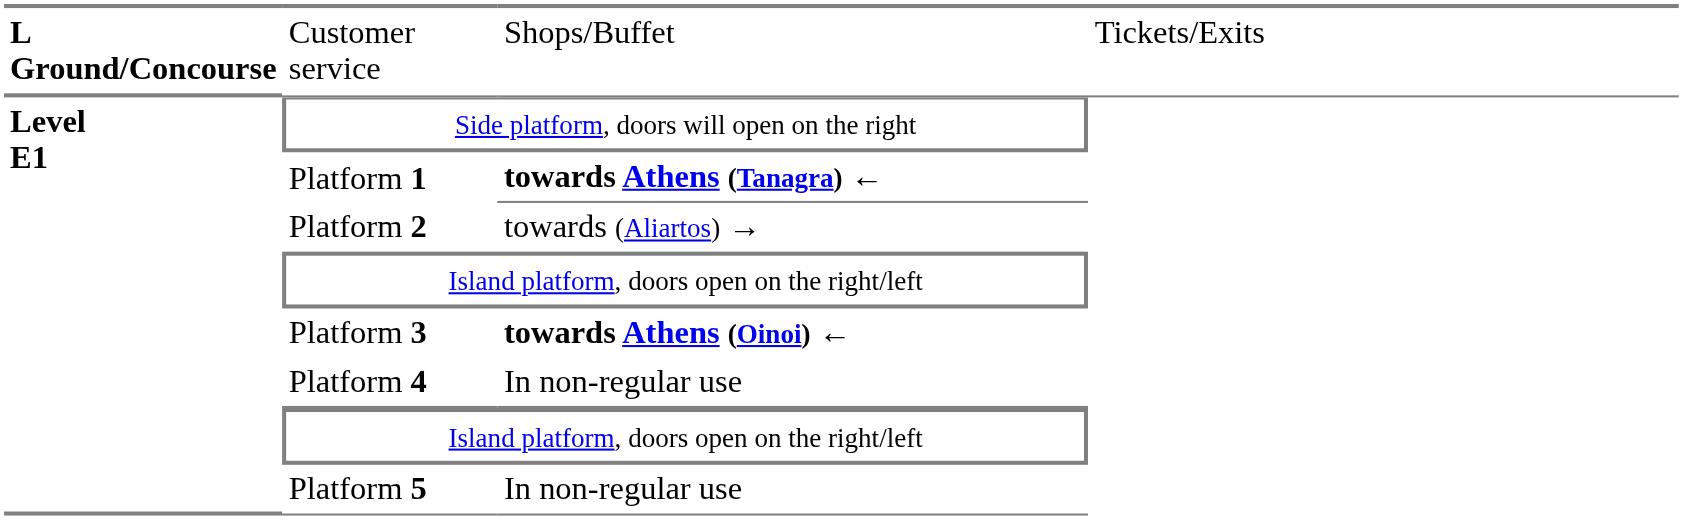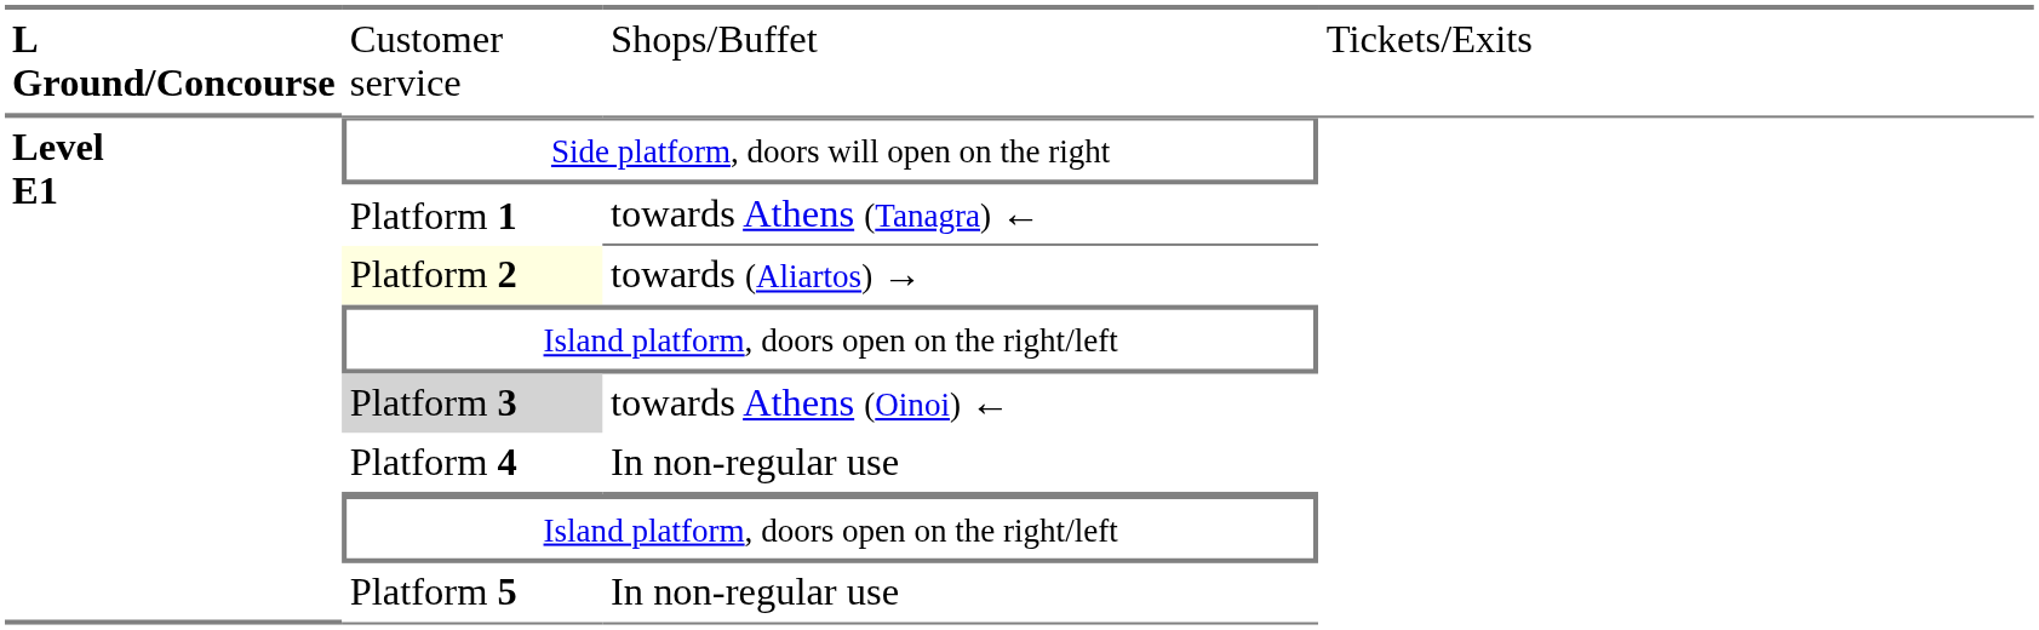 <table table border=0 cellspacing=0 cellpadding=3>
 <tr>
 <td style="border-bottom:solid 2px gray;border-top:solid 2px gray;" width=50 valign=top><strong>L<br>Ground/Concourse</strong></td>
 <td style="border-top:solid 2px gray;border-bottom:solid 1px gray;" width=100 valign=top>Customer service</td>
 <td style="border-top:solid 2px gray;border-bottom:solid 1px gray;" width=285 valign=top>Shops/Buffet</td>
 <td style="border-top:solid 2px gray;border-bottom:solid 1px gray;" width=285 valign=top>Tickets/Exits</td>
 </tr>
 <tr>
 <td style="border-bottom:solid 2px gray;" rowspan=12 valign=top><strong>Level<br>Ε1</strong></td>
 <td style="border-top:solid 1px gray;border-right:solid 2px gray;border-left:solid 2px gray;border-bottom:solid 2px gray;text-align:center;" colspan=2><small><a href='#'>Side platform</a>, doors will open on the right</small></td>
 </tr>
 <tr>
 <td>Platform <span><strong>1</strong></span></td>
-<td style="border-bottom:solid 1px gray;"><strong> towards <a href='#'>Athens</a> <small>(<a href='#'>Tanagra</a>)</small> ←</strong></td>
+<td style="border-bottom:solid 1px gray;"> towards <a href='#'>Athens</a> <small>(<a href='#'>Tanagra</a>)</small> ←</td>
 </tr>
 <tr>
-<td>Platform <span><strong>2</strong></span></td>
+<td style="background: lightyellow;">Platform <span><strong>2</strong></span></td>
 <td> towards  <small>(<a href='#'>Aliartos</a>)</small> →</td>
 </tr>
 <tr>
 <td style="border-top:solid 2px gray;border-right:solid 2px gray;border-left:solid 2px gray;border-bottom:solid 2px gray;text-align:center;" colspan=2><small><a href='#'>Island platform</a>, doors open on the right/left</small></td>
 </tr>
 <tr>
-<td>Platform <span><strong>3</strong></span></td>
-<td><strong> towards <a href='#'>Athens</a> <small>(<a href='#'>Oinoi</a>)</small> ←</strong></td>
+<td style="background: lightgrey;">Platform <span><strong>3</strong></span></td>
+<td> towards <a href='#'>Athens</a> <small>(<a href='#'>Oinoi</a>)</small> ←</td>
 </tr>
 <tr>
 <td style="border-bottom:solid 1px gray;">Platform <strong>4</strong></td>
 <td style="border-bottom:solid 1px gray;">In non-regular use</td>
 </tr>
 <tr>
 <td style="border-top:solid 2px gray;border-right:solid 2px gray;border-left:solid 2px gray;border-bottom:solid 2px gray;text-align:center;" colspan=2><small><a href='#'>Island platform</a>, doors open on the right/left</small></td>
 </tr>
 <tr>
 <td style="border-bottom:solid 1px gray;">Platform <strong>5</strong></td>
 <td style="border-bottom:solid 1px gray;">In non-regular use</td>
 </tr>
 <tr>
 </tr>
 </table>
